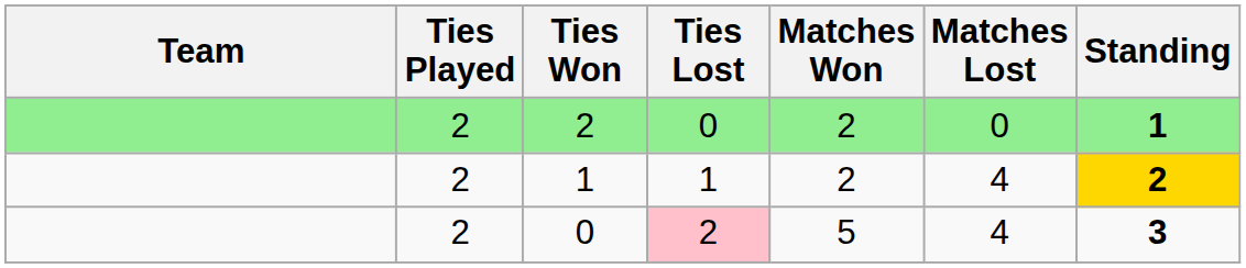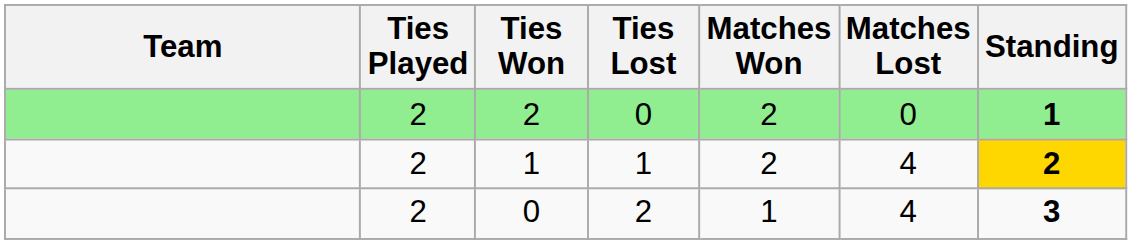 <table class=wikitable style="text-align:center">
 <tr>
 <th width=175>Team</th>
 <th width=50>Ties Played</th>
 <th width=50>Ties Won</th>
 <th width=50>Ties Lost</th>
 <th width=50>Matches Won</th>
 <th width=50>Matches Lost</th>
 <th width=50>Standing</th>
 </tr>
 <tr bgcolor=lightgreen>
 <td style="text-align:left"></td>
 <td>2</td>
 <td>2</td>
 <td>0</td>
 <td>2</td>
 <td>0</td>
 <td><strong>1</strong></td>
 </tr>
 <tr>
 <td style="text-align:left"></td>
 <td>2</td>
 <td>1</td>
 <td>1</td>
 <td>2</td>
 <td>4</td>
 <td style="background: gold;"><strong>2</strong></td>
 </tr>
 <tr>
 <td style="text-align:left"></td>
 <td>2</td>
 <td>0</td>
-<td style="background: pink;">2</td>
-<td>5</td>
+<td>2</td>
+<td>1</td>
 <td>4</td>
 <td><strong>3</strong></td>
 </tr>
 </table>
